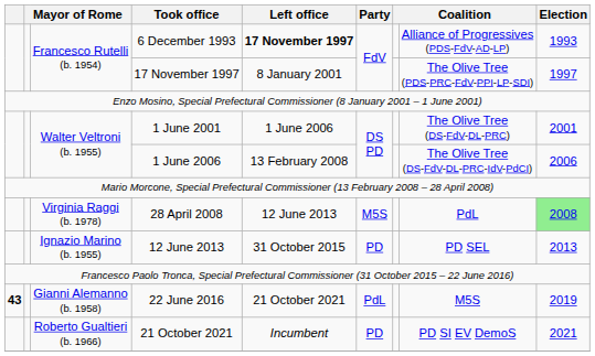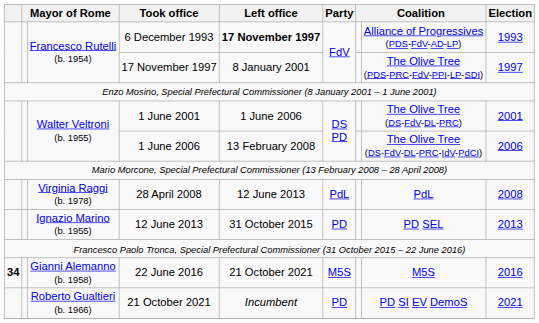 <table class="wikitable" style="text-align: center;">
 <tr>
 <th><br></th>
 <th colspan="2">Mayor of Rome</th>
 <th>Took office</th>
 <th>Left office</th>
 <th>Party</th>
 <th colspan="2">Coalition</th>
 <th>Election</th>
 </tr>
 <tr>
 <td rowspan="2" style="background: "><strong></strong></td>
 <td rowspan="2"></td>
 <td rowspan="2"><a href='#'>Francesco Rutelli</a><br><small>(b. 1954)</small></td>
 <td>6 December 1993</td>
 <td><strong>17 November 1997</strong></td>
 <td rowspan="2"><a href='#'>FdV</a></td>
 <td style="background: "></td>
 <td><a href='#'>Alliance of Progressives</a><br><small>(<a href='#'>PDS</a>-<a href='#'>FdV</a>-<a href='#'>AD</a>-<a href='#'>LP</a>)</small></td>
 <td><a href='#'>1993</a></td>
 </tr>
 <tr>
 <td>17 November 1997</td>
 <td>8 January 2001</td>
 <td style="background: "></td>
 <td><a href='#'>The Olive Tree</a><br><small>(<a href='#'>PDS</a>-<a href='#'>PRC</a>-<a href='#'>FdV</a>-<a href='#'>PPI</a>-<a href='#'>LP</a>-<a href='#'>SDI</a>)</small></td>
 <td><a href='#'>1997</a></td>
 </tr>
 <tr>
 <td colspan="10"><small><em>Enzo Mosino, Special Prefectural Commissioner (8 January 2001 – 1 June 2001)</em></small></td>
 </tr>
 <tr>
 <td rowspan="2" style="background: "><strong></strong></td>
 <td rowspan="2"></td>
 <td rowspan="2"><a href='#'>Walter Veltroni</a><br><small>(b. 1955)</small></td>
 <td>1 June 2001</td>
 <td>1 June 2006</td>
 <td rowspan="2"><a href='#'>DS</a><br><a href='#'>PD</a></td>
 <td style="background: "></td>
 <td><a href='#'>The Olive Tree</a><br><small>(<a href='#'>DS</a>-<a href='#'>FdV</a>-<a href='#'>DL</a>-<a href='#'>PRC</a>)</small></td>
 <td><a href='#'>2001</a></td>
 </tr>
 <tr>
 <td>1 June 2006</td>
 <td>13 February 2008</td>
 <td style="background: "></td>
 <td><a href='#'>The Olive Tree</a><br><small>(<a href='#'>DS</a>-<a href='#'>FdV</a>-<a href='#'>DL</a>-<a href='#'>PRC</a>-<a href='#'>IdV</a>-<a href='#'>PdCI</a>)</small></td>
 <td><a href='#'>2006</a></td>
 </tr>
 <tr>
 <td colspan="10"><small><em>Mario Morcone, Special Prefectural Commissioner (13 February 2008 – 28 April 2008)</em></small></td>
 </tr>
 <tr>
 <td style="background: "><strong></strong></td>
 <td></td>
 <td><a href='#'>Virginia Raggi</a><br><small>(b. 1978)</small></td>
 <td>28 April 2008</td>
 <td>12 June 2013</td>
-<td><a href='#'>M5S</a></td>
+<td><a href='#'>PdL</a></td>
 <td style="background: "></td>
 <td><a href='#'>PdL</a></td>
-<td style="background: lightgreen;"><a href='#'>2008</a></td>
+<td><a href='#'>2008</a></td>
 </tr>
 <tr>
 <td style="background: "><strong></strong></td>
 <td></td>
 <td><a href='#'>Ignazio Marino</a><br><small>(b. 1955)</small></td>
 <td>12 June 2013</td>
 <td>31 October 2015</td>
 <td><a href='#'>PD</a></td>
 <td style="background: "></td>
 <td><a href='#'>PD</a>  <a href='#'>SEL</a></td>
 <td><a href='#'>2013</a></td>
 </tr>
 <tr>
 <td colspan="10"><small><em>Francesco Paolo Tronca, Special Prefectural Commissioner (31 October 2015 – 22 June 2016)</em></small></td>
 </tr>
 <tr>
-<td style="background: "><strong>43</strong></td>
+<td style="background: "><strong>34</strong></td>
 <td></td>
 <td><a href='#'>Gianni Alemanno</a><br><small>(b. 1958)</small></td>
 <td>22 June 2016</td>
 <td>21 October 2021</td>
-<td><a href='#'>PdL</a></td>
+<td><a href='#'>M5S</a></td>
 <td style="background: "></td>
 <td><a href='#'>M5S</a></td>
-<td><a href='#'>2019</a></td>
+<td><a href='#'>2016</a></td>
 </tr>
 <tr>
 <td style="background: "><strong></strong></td>
 <td></td>
 <td><a href='#'>Roberto Gualtieri</a><br><small>(b. 1966)</small></td>
 <td>21 October 2021</td>
 <td><em>Incumbent</em></td>
 <td><a href='#'>PD</a></td>
 <td style="background: "></td>
 <td><a href='#'>PD</a>  <a href='#'>SI</a>  <a href='#'>EV</a>  <a href='#'>DemoS</a></td>
 <td><a href='#'>2021</a></td>
 </tr>
 <tr>
 </tr>
 </table>
